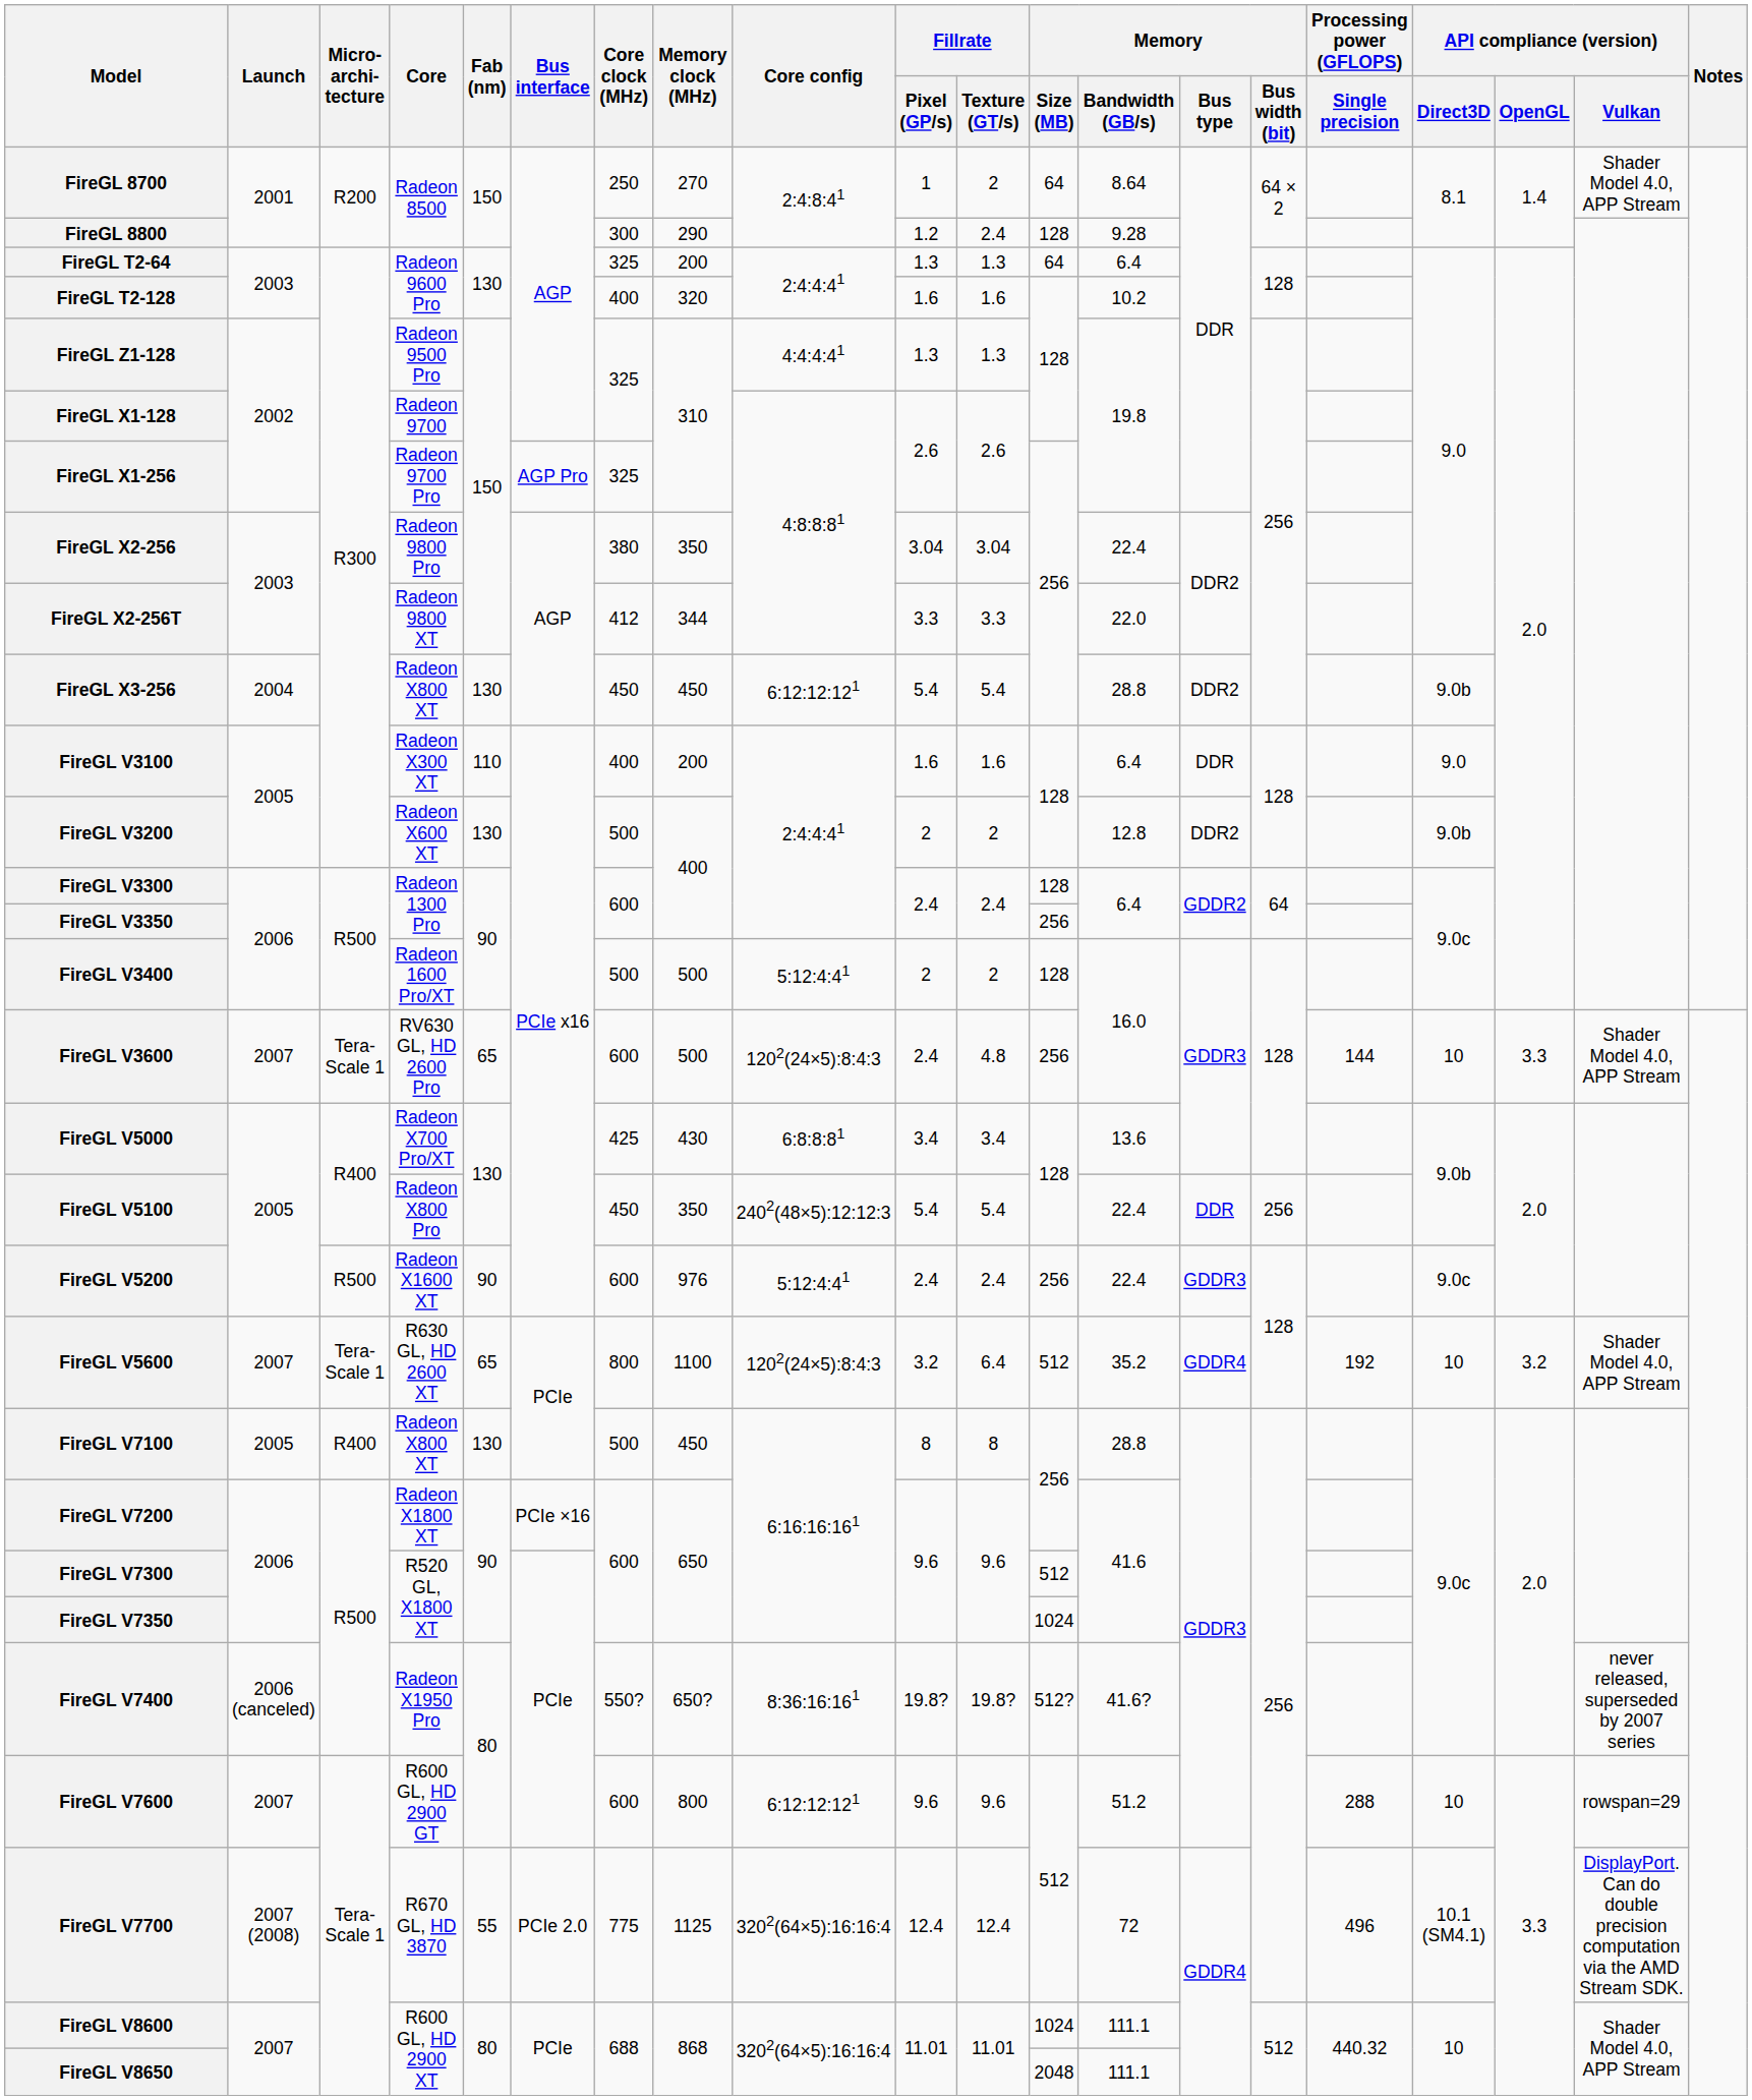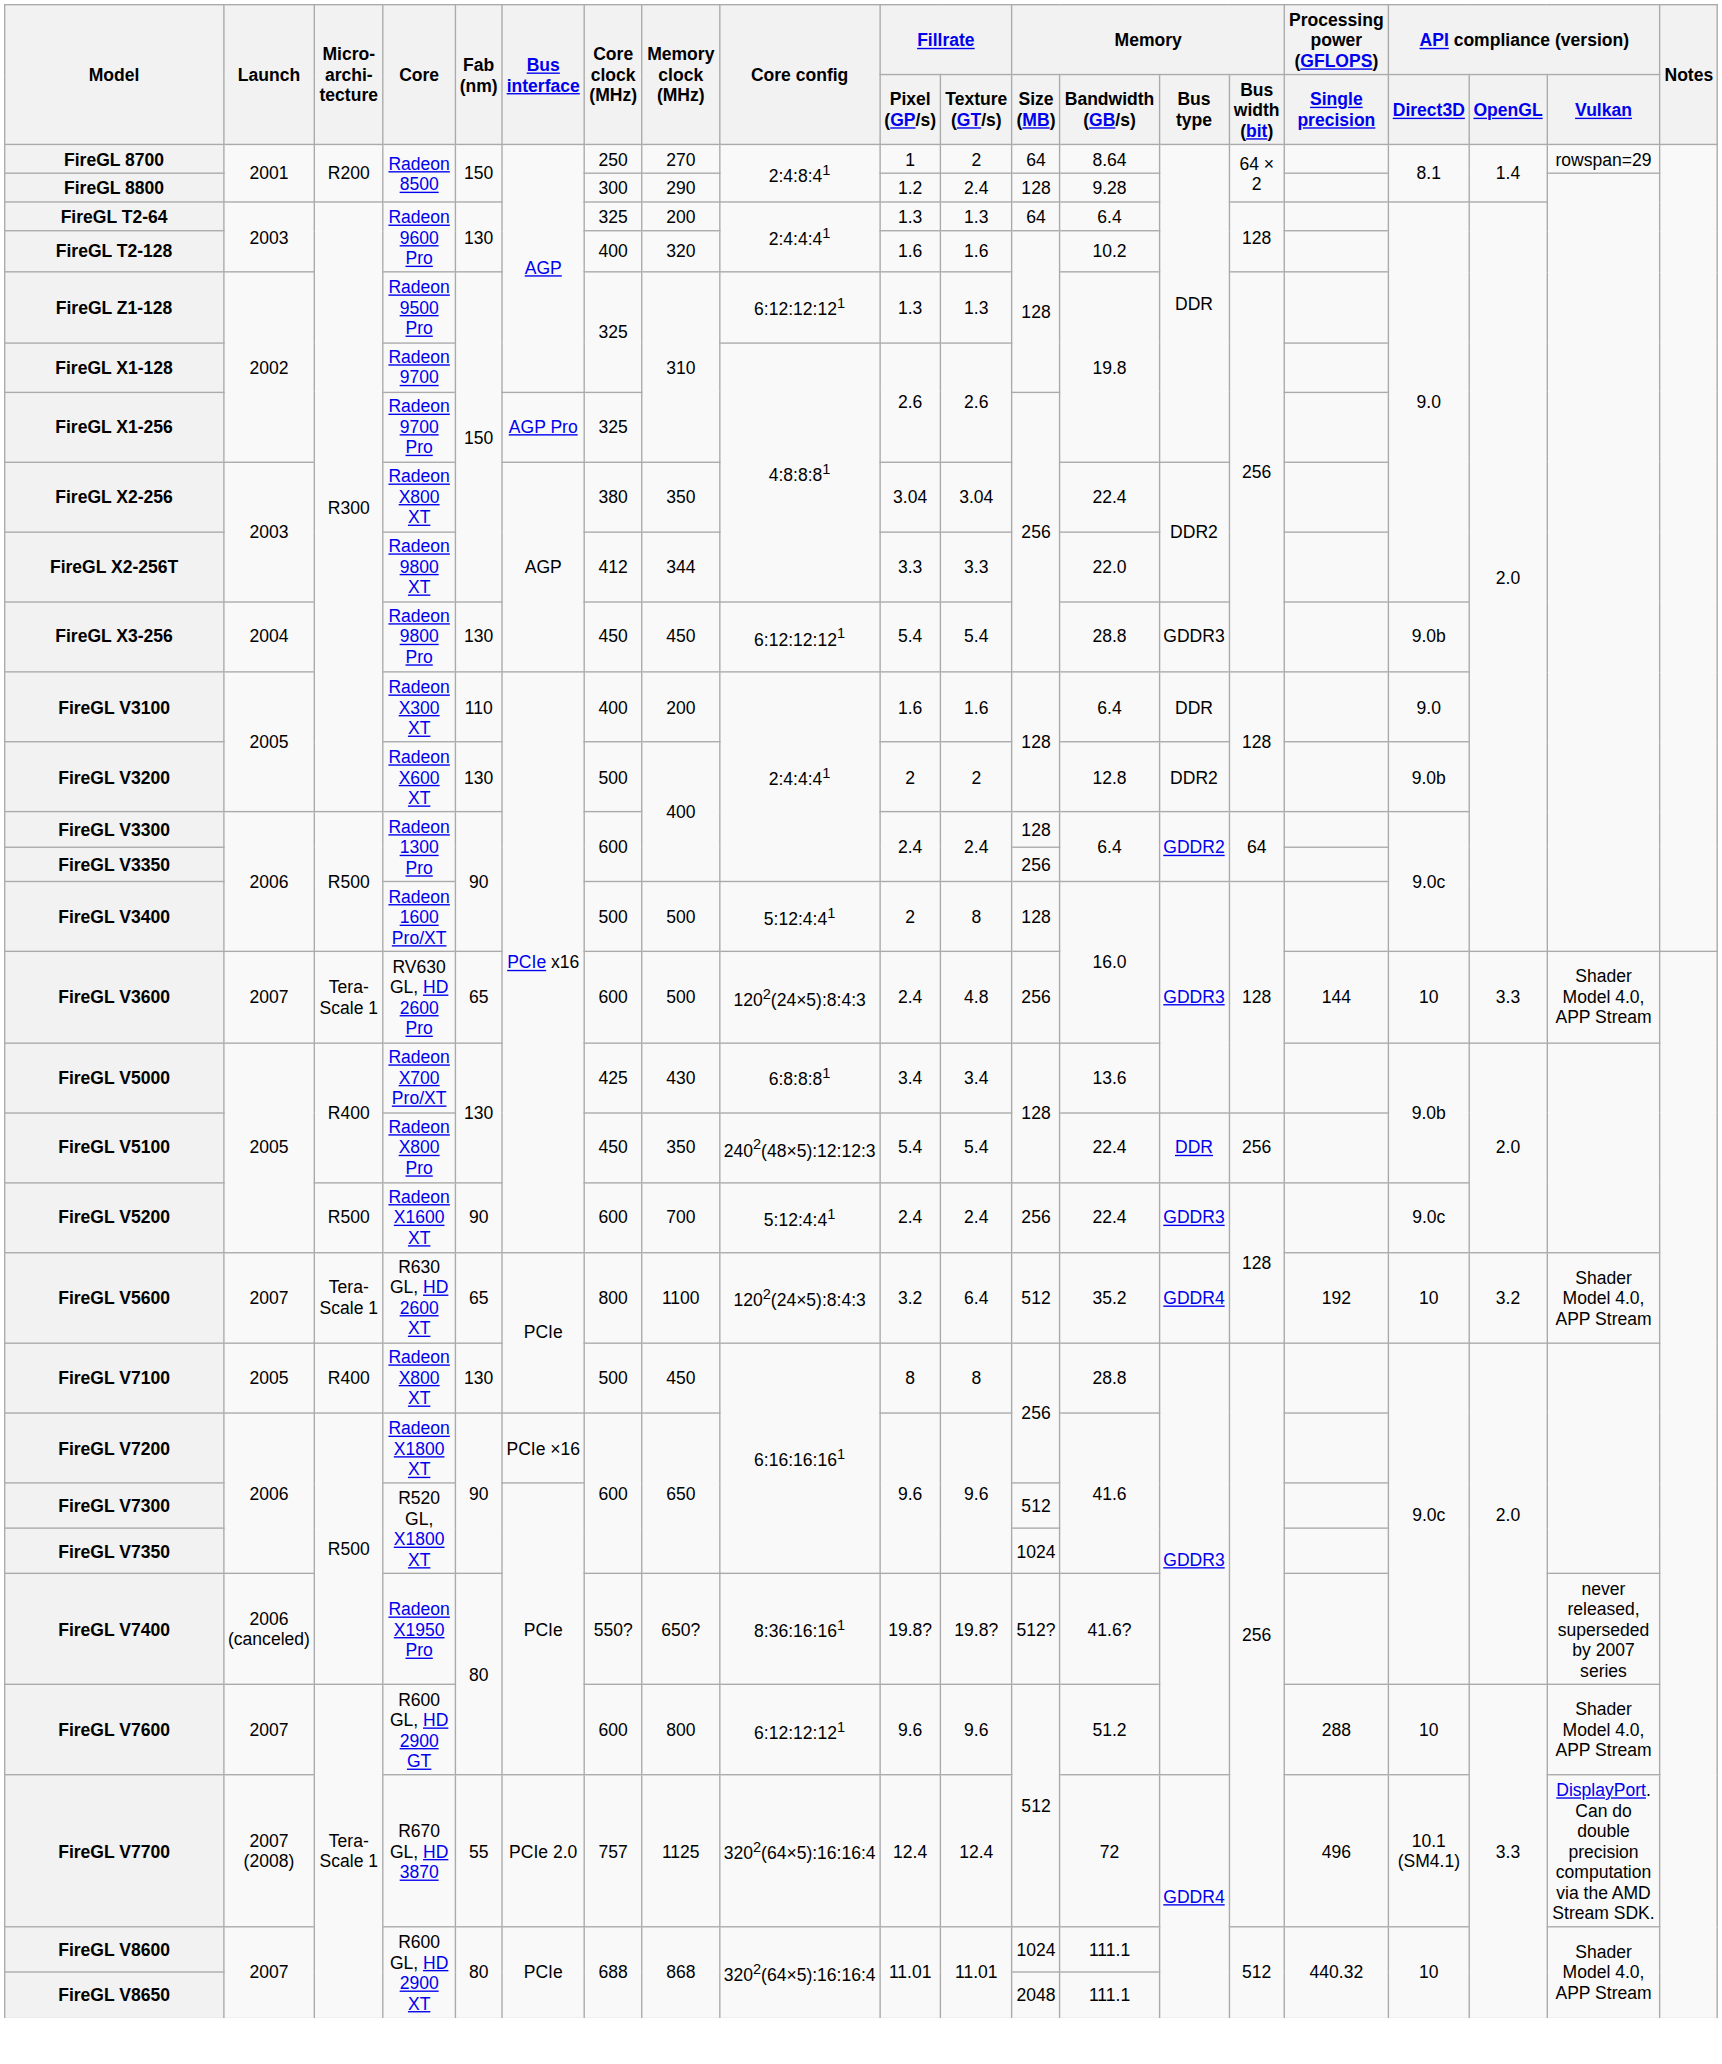 <table class="mw-datatable wikitable sortable sort-under" style="font-size: 80%; text-align:center;">
 <tr>
 <th rowspan="2" style="width:12em">Model</th>
 <th rowspan="2">Launch</th>
 <th rowspan="2">Micro-archi-tecture</th>
 <th rowspan="2">Core</th>
 <th rowspan="2">Fab (nm)</th>
 <th rowspan="2"><a href='#'>Bus interface</a></th>
 <th rowspan="2">Core clock (MHz)</th>
 <th rowspan="2">Memory clock (MHz)</th>
 <th rowspan="2">Core config</th>
 <th colspan="2"><a href='#'>Fillrate</a></th>
 <th colspan="4">Memory</th>
 <th>Processing power<br>(<a href='#'>GFLOPS</a>)</th>
 <th colspan="3"><a href='#'>API</a> compliance (version)</th>
 <th rowspan="2">Notes</th>
 </tr>
 <tr>
 <th>Pixel (<a href='#'>GP</a>/s)</th>
 <th>Texture (<a href='#'>GT</a>/s)</th>
 <th>Size (<a href='#'>MB</a>)</th>
 <th>Bandwidth (<a href='#'>GB</a>/s)</th>
 <th>Bus type</th>
 <th>Bus width (<a href='#'>bit</a>)</th>
 <th><a href='#'>Single precision</a></th>
 <th><a href='#'>Direct3D</a></th>
 <th><a href='#'>OpenGL</a></th>
 <th><a href='#'>Vulkan</a></th>
 </tr>
 <tr>
 <th>FireGL 8700</th>
 <td rowspan="2">2001</td>
 <td rowspan="2">R200</td>
 <td rowspan="2"><a href='#'>Radeon 8500</a></td>
 <td rowspan="2">150</td>
 <td rowspan="6"><a href='#'>AGP</a></td>
 <td>250</td>
 <td>270</td>
 <td rowspan="2">2:4:8:4<sup>1</sup></td>
 <td>1</td>
 <td>2</td>
 <td>64</td>
 <td>8.64</td>
 <td rowspan="7">DDR</td>
 <td rowspan="2">64 × 2</td>
 <td></td>
 <td rowspan="2">8.1</td>
 <td rowspan="2">1.4</td>
-<td>Shader Model 4.0, APP Stream</td>
+<td>rowspan=29 </td>
 <td rowspan="15"></td>
 </tr>
 <tr>
 <th>FireGL 8800</th>
 <td>300</td>
 <td>290</td>
 <td>1.2</td>
 <td>2.4</td>
 <td>128</td>
 <td>9.28</td>
 <td></td>
 </tr>
 <tr>
 <th>FireGL T2-64</th>
 <td rowspan="2">2003</td>
 <td rowspan="10">R300</td>
 <td rowspan="2"><a href='#'>Radeon 9600 Pro</a></td>
 <td rowspan="2">130</td>
 <td>325</td>
 <td>200</td>
 <td rowspan="2">2:4:4:4<sup>1</sup></td>
 <td>1.3</td>
 <td>1.3</td>
 <td>64</td>
 <td>6.4</td>
 <td rowspan="2">128</td>
 <td></td>
 <td rowspan="7">9.0</td>
 <td rowspan="13">2.0</td>
 </tr>
 <tr>
 <th>FireGL T2-128</th>
 <td>400</td>
 <td>320</td>
 <td>1.6</td>
 <td>1.6</td>
 <td rowspan="3">128</td>
 <td>10.2</td>
 <td></td>
 </tr>
 <tr>
 <th>FireGL Z1-128</th>
 <td rowspan="3">2002</td>
 <td><a href='#'>Radeon 9500 Pro</a></td>
 <td rowspan="5">150</td>
 <td rowspan="2">325</td>
 <td rowspan="3">310</td>
-<td>4:4:4:4<sup>1</sup></td>
+<td>6:12:12:12<sup>1</sup></td>
 <td>1.3</td>
 <td>1.3</td>
 <td rowspan="3">19.8</td>
 <td rowspan="6">256</td>
 <td></td>
 </tr>
 <tr>
 <th>FireGL X1-128</th>
 <td><a href='#'>Radeon 9700</a></td>
 <td rowspan="4">4:8:8:8<sup>1</sup></td>
 <td rowspan="2">2.6</td>
 <td rowspan="2">2.6</td>
 <td></td>
 </tr>
 <tr>
 <th>FireGL X1-256</th>
 <td><a href='#'>Radeon 9700 Pro</a></td>
 <td><a href='#'>AGP Pro</a></td>
 <td>325</td>
 <td rowspan="4">256</td>
 <td></td>
 </tr>
 <tr>
 <th>FireGL X2-256</th>
 <td rowspan="2">2003</td>
-<td><a href='#'>Radeon 9800 Pro</a></td>
+<td><a href='#'>Radeon X800 XT</a></td>
 <td rowspan="3">AGP</td>
 <td>380</td>
 <td>350</td>
 <td>3.04</td>
 <td>3.04</td>
 <td>22.4</td>
 <td rowspan="2">DDR2</td>
 <td></td>
 </tr>
 <tr>
 <th>FireGL X2-256T</th>
 <td><a href='#'>Radeon 9800 XT</a></td>
 <td>412</td>
 <td>344</td>
 <td>3.3</td>
 <td>3.3</td>
 <td>22.0</td>
 <td></td>
 </tr>
 <tr>
 <th>FireGL X3-256</th>
 <td>2004</td>
-<td><a href='#'>Radeon X800 XT</a></td>
+<td><a href='#'>Radeon 9800 Pro</a></td>
 <td>130</td>
 <td>450</td>
 <td>450</td>
 <td>6:12:12:12<sup>1</sup></td>
 <td>5.4</td>
 <td>5.4</td>
 <td>28.8</td>
-<td>DDR2</td>
+<td>GDDR3</td>
 <td></td>
 <td>9.0b</td>
 </tr>
 <tr>
 <th>FireGL V3100</th>
 <td rowspan="2">2005</td>
 <td><a href='#'>Radeon X300 XT</a></td>
 <td>110</td>
 <td rowspan="9"><a href='#'>PCIe</a> x16</td>
 <td>400</td>
 <td>200</td>
 <td rowspan="4">2:4:4:4<sup>1</sup></td>
 <td>1.6</td>
 <td>1.6</td>
 <td rowspan="2">128</td>
 <td>6.4</td>
 <td>DDR</td>
 <td rowspan="2">128</td>
 <td></td>
 <td>9.0</td>
 </tr>
 <tr>
 <th>FireGL V3200</th>
 <td><a href='#'>Radeon X600 XT</a></td>
 <td>130</td>
 <td>500</td>
 <td rowspan="3">400</td>
 <td>2</td>
 <td>2</td>
 <td>12.8</td>
 <td>DDR2</td>
 <td></td>
 <td>9.0b</td>
 </tr>
 <tr>
 <th>FireGL V3300</th>
 <td rowspan="3">2006</td>
 <td rowspan="3">R500</td>
 <td rowspan="2"><a href='#'>Radeon 1300 Pro</a></td>
 <td rowspan="3">90</td>
 <td rowspan="2">600</td>
 <td rowspan="2">2.4</td>
 <td rowspan="2">2.4</td>
 <td>128</td>
 <td rowspan="2">6.4</td>
 <td rowspan="2"><a href='#'>GDDR2</a></td>
 <td rowspan="2">64</td>
 <td></td>
 <td rowspan="3">9.0c</td>
 </tr>
 <tr>
 <th>FireGL V3350</th>
 <td>256</td>
 <td></td>
 </tr>
 <tr>
 <th>FireGL V3400</th>
 <td><a href='#'>Radeon 1600 Pro/XT</a></td>
 <td>500</td>
 <td>500</td>
 <td>5:12:4:4<sup>1</sup></td>
 <td>2</td>
-<td>2</td>
+<td>8</td>
 <td>128</td>
 <td rowspan="2">16.0</td>
 <td rowspan="3"><a href='#'>GDDR3</a></td>
 <td rowspan="3">128</td>
 <td></td>
 </tr>
 <tr>
 <th>FireGL V3600</th>
 <td>2007</td>
 <td>Tera-Scale 1</td>
 <td>RV630 GL, <a href='#'>HD 2600 Pro</a></td>
 <td>65</td>
 <td>600</td>
 <td>500</td>
 <td>120<sup>2</sup>(24×5):8:4:3</td>
 <td>2.4</td>
 <td>4.8</td>
 <td>256</td>
 <td>144</td>
 <td>10</td>
 <td>3.3</td>
 <td>Shader Model 4.0, APP Stream</td>
 </tr>
 <tr>
 <th>FireGL V5000</th>
 <td rowspan="3">2005</td>
 <td rowspan="2">R400</td>
 <td><a href='#'>Radeon X700 Pro/XT</a></td>
 <td rowspan="2">130</td>
 <td>425</td>
 <td>430</td>
 <td>6:8:8:8<sup>1</sup></td>
 <td>3.4</td>
 <td>3.4</td>
 <td rowspan="2">128</td>
 <td>13.6</td>
 <td></td>
 <td rowspan="2">9.0b</td>
 <td rowspan="3">2.0</td>
 <td rowspan="3"></td>
 </tr>
 <tr>
 <th>FireGL V5100</th>
 <td><a href='#'>Radeon X800 Pro</a></td>
 <td>450</td>
 <td>350</td>
 <td>240<sup>2</sup>(48×5):12:12:3</td>
 <td>5.4</td>
 <td>5.4</td>
 <td>22.4</td>
 <td><a href='#'>DDR</a></td>
 <td>256</td>
 <td></td>
 </tr>
 <tr>
 <th>FireGL V5200</th>
 <td>R500</td>
 <td><a href='#'>Radeon X1600 XT</a></td>
 <td>90</td>
 <td>600</td>
-<td>976</td>
+<td>700</td>
 <td>5:12:4:4<sup>1</sup></td>
 <td>2.4</td>
 <td>2.4</td>
 <td>256</td>
 <td>22.4</td>
 <td><a href='#'>GDDR3</a></td>
 <td rowspan="2">128</td>
 <td></td>
 <td>9.0c</td>
 </tr>
 <tr>
 <th>FireGL V5600</th>
 <td>2007</td>
 <td>Tera-Scale 1</td>
 <td>R630 GL, <a href='#'>HD 2600 XT</a></td>
 <td>65</td>
 <td rowspan="2">PCIe</td>
 <td>800</td>
 <td>1100</td>
 <td>120<sup>2</sup>(24×5):8:4:3</td>
 <td>3.2</td>
 <td>6.4</td>
 <td>512</td>
 <td>35.2</td>
 <td><a href='#'>GDDR4</a></td>
 <td>192</td>
 <td>10</td>
 <td>3.2</td>
 <td>Shader Model 4.0, APP Stream</td>
 </tr>
 <tr>
 <th>FireGL V7100</th>
 <td>2005</td>
 <td>R400</td>
 <td><a href='#'>Radeon X800 XT</a></td>
 <td>130</td>
 <td>500</td>
 <td>450</td>
 <td rowspan="4">6:16:16:16<sup>1</sup></td>
 <td>8</td>
 <td>8</td>
 <td rowspan="2">256</td>
 <td>28.8</td>
 <td rowspan="6"><a href='#'>GDDR3</a></td>
 <td rowspan="7">256</td>
 <td></td>
 <td rowspan="5">9.0c</td>
 <td rowspan="5">2.0</td>
 <td rowspan="4"></td>
 </tr>
 <tr>
 <th>FireGL V7200</th>
 <td rowspan="3">2006</td>
 <td rowspan="4">R500</td>
 <td><a href='#'>Radeon X1800 XT</a></td>
 <td rowspan="3">90</td>
 <td>PCIe ×16</td>
 <td rowspan="3">600</td>
 <td rowspan="3">650</td>
 <td rowspan="3">9.6</td>
 <td rowspan="3">9.6</td>
 <td rowspan="3">41.6</td>
 <td></td>
 </tr>
 <tr>
 <th>FireGL V7300</th>
 <td rowspan="2">R520 GL, <a href='#'>X1800 XT</a></td>
 <td rowspan="4">PCIe</td>
 <td>512</td>
 <td></td>
 </tr>
 <tr>
 <th>FireGL V7350</th>
 <td>1024</td>
 <td></td>
 </tr>
 <tr>
 <th>FireGL V7400</th>
 <td>2006 (canceled)</td>
 <td><a href='#'>Radeon X1950 Pro</a></td>
 <td rowspan="2">80</td>
 <td>550?</td>
 <td>650?</td>
 <td>8:36:16:16<sup>1</sup></td>
 <td>19.8?</td>
 <td>19.8?</td>
 <td>512?</td>
 <td>41.6?</td>
 <td></td>
 <td>never released, superseded by 2007 series</td>
 </tr>
 <tr>
 <th>FireGL V7600</th>
 <td>2007</td>
 <td rowspan="4">Tera-Scale 1</td>
 <td>R600 GL, <a href='#'>HD 2900 GT</a></td>
 <td>600</td>
 <td>800</td>
 <td>6:12:12:12<sup>1</sup></td>
 <td>9.6</td>
 <td>9.6</td>
 <td rowspan="2">512</td>
 <td>51.2</td>
 <td>288</td>
 <td>10</td>
 <td rowspan="4">3.3</td>
-<td>rowspan=29 </td>
+<td>Shader Model 4.0, APP Stream</td>
 </tr>
 <tr>
 <th>FireGL V7700</th>
 <td>2007 (2008)</td>
 <td>R670 GL, <a href='#'>HD 3870</a></td>
 <td>55</td>
 <td>PCIe 2.0</td>
-<td>775</td>
+<td>757</td>
 <td>1125</td>
 <td>320<sup>2</sup>(64×5):16:16:4</td>
 <td>12.4</td>
 <td>12.4</td>
 <td>72</td>
 <td rowspan="3"><a href='#'>GDDR4</a></td>
 <td>496</td>
 <td>10.1 (SM4.1)</td>
 <td><a href='#'>DisplayPort</a>. Can do double precision computation via the AMD Stream SDK.</td>
 </tr>
 <tr>
 <th>FireGL V8600</th>
 <td rowspan="2">2007</td>
 <td rowspan="2">R600 GL, <a href='#'>HD 2900 XT</a></td>
 <td rowspan="2">80</td>
 <td rowspan="2">PCIe</td>
 <td rowspan="2">688</td>
 <td rowspan="2">868</td>
 <td rowspan="2">320<sup>2</sup>(64×5):16:16:4</td>
 <td rowspan="2">11.01</td>
 <td rowspan="2">11.01</td>
 <td>1024</td>
 <td>111.1</td>
 <td rowspan="2">512</td>
 <td rowspan="2">440.32</td>
 <td rowspan="2">10</td>
 <td rowspan="2">Shader Model 4.0, APP Stream</td>
 </tr>
 <tr>
 <th>FireGL V8650</th>
 <td>2048</td>
 <td>111.1</td>
 </tr>
 </table>
